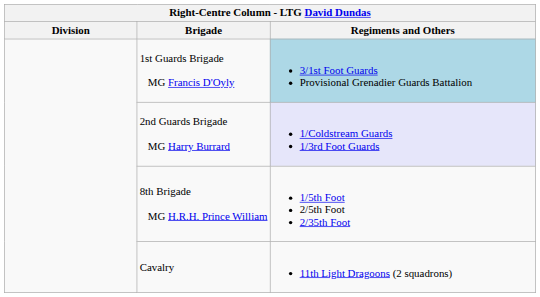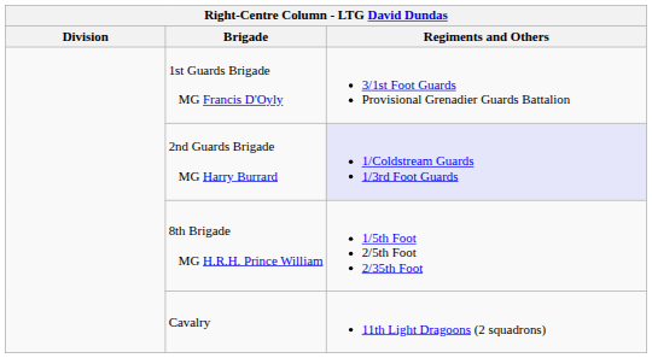 <table class="wikitable">
 <tr valign="top">
 <th colspan="9" bgcolor="white"><strong>Right-Centre Column</strong> - LTG <a href='#'>David Dundas</a></th>
 </tr>
 <tr>
 <th width=25%>Division</th>
 <th width=25%>Brigade</th>
 <th>Regiments and Others</th>
 </tr>
 <tr>
 <td rowspan=4></td>
 <td>1st Guards Brigade<br><br>   MG <a href='#'>Francis D'Oyly</a></td>
-<td style="background: lightblue;"><br><ul><li><a href='#'>3/1st Foot Guards</a></li><li>Provisional Grenadier Guards Battalion</li></ul></td>
+<td><br><ul><li><a href='#'>3/1st Foot Guards</a></li><li>Provisional Grenadier Guards Battalion</li></ul></td>
 </tr>
 <tr>
 <td>2nd Guards Brigade<br><br>   MG <a href='#'>Harry Burrard</a></td>
 <td style="background: lavender;"><br><ul><li><a href='#'>1/Coldstream Guards</a></li><li><a href='#'>1/3rd Foot Guards</a></li></ul></td>
 </tr>
 <tr>
 <td>8th Brigade<br><br>   MG <a href='#'>H.R.H. Prince William</a></td>
 <td><br><ul><li><a href='#'>1/5th Foot</a></li><li>2/5th Foot</li><li><a href='#'>2/35th Foot</a></li></ul></td>
 </tr>
 <tr>
 <td>Cavalry</td>
 <td><br><ul><li><a href='#'>11th Light Dragoons</a> (2 squadrons)</li></ul></td>
 </tr>
 </table>
